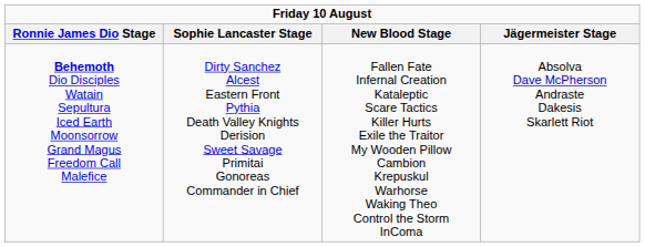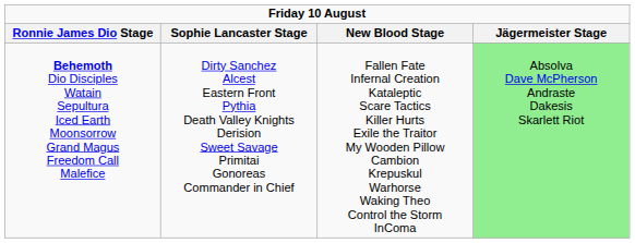 <table class="wikitable">
 <tr>
 <td colspan="4" align="center"><strong>Friday 10 August</strong></td>
 </tr>
 <tr>
 <th><a href='#'>Ronnie James Dio</a> Stage</th>
 <th>Sophie Lancaster Stage</th>
 <th>New Blood Stage</th>
 <th>Jägermeister Stage</th>
 </tr>
 <tr>
 <td valign="top" align="center" width=200><br><strong><a href='#'>Behemoth</a></strong><br> <a href='#'>Dio Disciples</a><br> <a href='#'>Watain</a><br> <a href='#'>Sepultura</a><br> <a href='#'>Iced Earth</a><br> <a href='#'>Moonsorrow</a><br> <a href='#'>Grand Magus</a><br> <a href='#'>Freedom Call</a><br> <a href='#'>Malefice</a><br></td>
 <td valign="top" align="center" width=200><br><a href='#'>Dirty Sanchez</a><br> <a href='#'>Alcest</a><br> Eastern Front<br> <a href='#'>Pythia</a><br> Death Valley Knights<br> Derision<br> <a href='#'>Sweet Savage</a><br> Primitai<br> Gonoreas<br> Commander in Chief<br></td>
 <td valign="top" align="center" width=200><br>Fallen Fate<br> Infernal Creation<br> Kataleptic<br> Scare Tactics<br> Killer Hurts<br> Exile the Traitor<br> My Wooden Pillow<br> Cambion<br> Krepuskul<br> Warhorse<br> Waking Theo<br> Control the Storm<br> InComa<br></td>
-<td valign="top" align="center" width=200><br>Absolva<br> <a href='#'>Dave McPherson</a><br> Andraste<br> Dakesis<br> Skarlett Riot<br></td>
+<td valign="top" align="center" width=200 style="background: lightgreen;"><br>Absolva<br> <a href='#'>Dave McPherson</a><br> Andraste<br> Dakesis<br> Skarlett Riot<br></td>
 </tr>
 </table>
